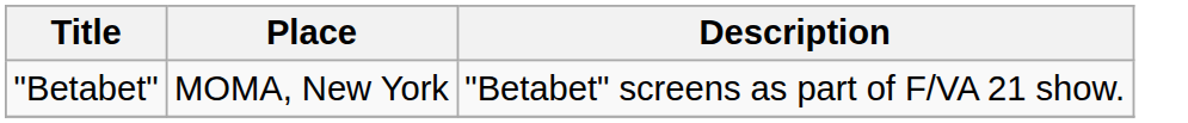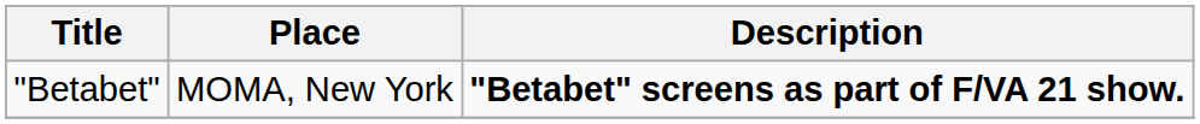 <table class="wikitable">
 <tr>
 <th>Title</th>
 <th>Place</th>
 <th>Description</th>
 </tr>
 <tr>
 <td>"Betabet"</td>
 <td>MOMA, New York</td>
-<td>"Betabet" screens as part of F/VA 21 show.</td>
+<td><strong>"Betabet" screens as part of F/VA 21 show.</strong></td>
 </tr>
 <tr>
 </tr>
 </table>
